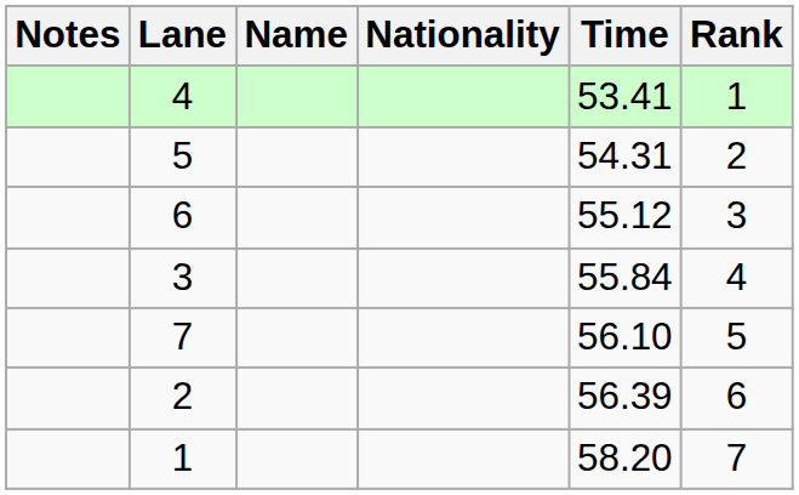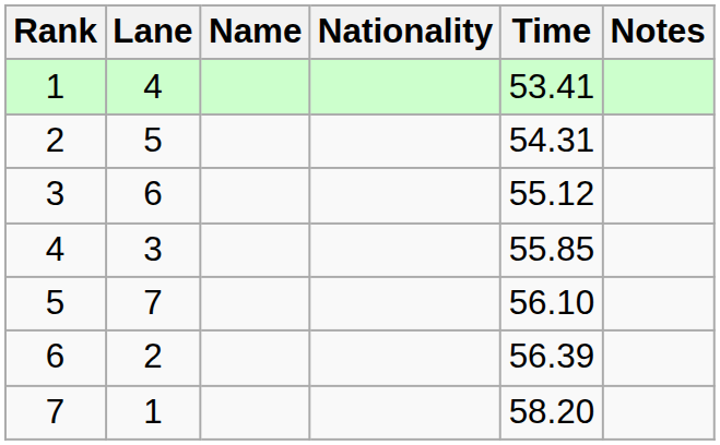 <table class="wikitable sortable" style="text-align:center">
 <tr>
-<th>Notes</th>
+<th>Rank</th>
 <th>Lane</th>
 <th>Name</th>
 <th>Nationality</th>
 <th>Time</th>
-<th>Rank</th>
+<th>Notes</th>
 </tr>
 <tr bgcolor=ccffcc>
-<td><strong></strong></td>
+<td>1</td>
 <td>4</td>
 <td align=left></td>
 <td align=left></td>
 <td>53.41</td>
-<td>1</td>
+<td><strong></strong></td>
 </tr>
 <tr>
-<td></td>
+<td>2</td>
 <td>5</td>
 <td align=left></td>
 <td align=left></td>
 <td>54.31</td>
-<td>2</td>
+<td></td>
 </tr>
 <tr>
-<td></td>
+<td>3</td>
 <td>6</td>
 <td align=left></td>
 <td align=left></td>
 <td>55.12</td>
-<td>3</td>
+<td></td>
 </tr>
 <tr>
-<td></td>
+<td>4</td>
 <td>3</td>
 <td align=left></td>
 <td align=left></td>
-<td>55.84</td>
-<td>4</td>
+<td>55.85</td>
+<td></td>
 </tr>
 <tr>
-<td></td>
+<td>5</td>
 <td>7</td>
 <td align=left></td>
 <td align=left></td>
 <td>56.10</td>
-<td>5</td>
+<td></td>
 </tr>
 <tr>
-<td></td>
+<td>6</td>
 <td>2</td>
 <td align=left></td>
 <td align=left></td>
 <td>56.39</td>
-<td>6</td>
+<td></td>
 </tr>
 <tr>
-<td></td>
+<td>7</td>
 <td>1</td>
 <td align=left></td>
 <td align=left></td>
 <td>58.20</td>
-<td>7</td>
+<td></td>
 </tr>
 </table>
